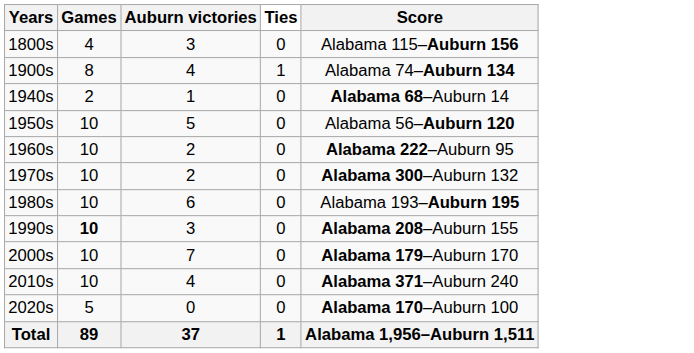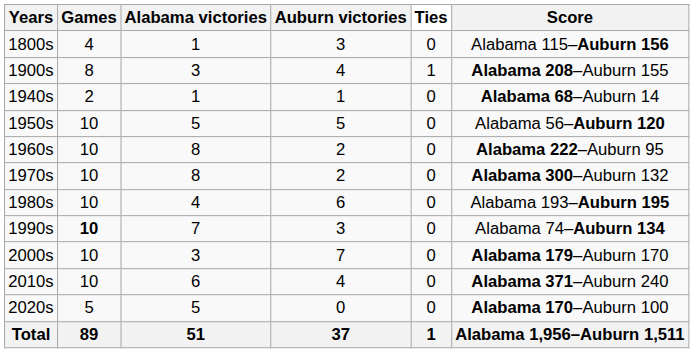 <table class="wikitable sortable" style="text-align:center">
 <tr>
 <th>Years</th>
 <th>Games</th>
+<th>Alabama victories</th>
 <th>Auburn victories</th>
 <th style="text-align:center; background:white; color:black;">Ties</th>
 <th>Score</th>
 </tr>
 <tr>
 <td>1800s</td>
 <td>4</td>
+<td>1</td>
 <td>3</td>
 <td>0</td>
 <td>Alabama 115–<strong>Auburn 156</strong></td>
 </tr>
 <tr>
 <td>1900s</td>
 <td>8</td>
+<td>3</td>
 <td>4</td>
 <td>1</td>
-<td>Alabama 74–<strong>Auburn 134</strong></td>
+<td><strong>Alabama 208</strong>–Auburn 155</td>
 </tr>
 <tr>
 <td>1940s</td>
 <td>2</td>
+<td>1</td>
 <td>1</td>
 <td>0</td>
 <td><strong>Alabama 68</strong>–Auburn 14</td>
 </tr>
 <tr>
 <td>1950s</td>
 <td>10</td>
 <td>5</td>
+<td>5</td>
 <td>0</td>
 <td>Alabama 56–<strong>Auburn 120</strong></td>
 </tr>
 <tr>
 <td>1960s</td>
 <td>10</td>
+<td>8</td>
 <td>2</td>
 <td>0</td>
 <td><strong>Alabama 222</strong>–Auburn 95</td>
 </tr>
 <tr>
 <td>1970s</td>
 <td>10</td>
+<td>8</td>
 <td>2</td>
 <td>0</td>
 <td><strong>Alabama 300</strong>–Auburn 132</td>
 </tr>
 <tr>
 <td>1980s</td>
 <td>10</td>
+<td>4</td>
 <td>6</td>
 <td>0</td>
 <td>Alabama 193–<strong>Auburn 195</strong></td>
 </tr>
 <tr>
 <td>1990s</td>
 <td><strong>10</strong></td>
+<td>7</td>
 <td>3</td>
 <td>0</td>
-<td><strong>Alabama 208</strong>–Auburn 155</td>
+<td>Alabama 74–<strong>Auburn 134</strong></td>
 </tr>
 <tr>
 <td>2000s</td>
 <td>10</td>
+<td>3</td>
 <td>7</td>
 <td>0</td>
 <td><strong>Alabama 179</strong>–Auburn 170</td>
 </tr>
 <tr>
 <td>2010s</td>
 <td>10</td>
+<td>6</td>
 <td>4</td>
 <td>0</td>
 <td><strong>Alabama 371</strong>–Auburn 240</td>
 </tr>
 <tr>
 <td>2020s</td>
+<td>5</td>
 <td>5</td>
 <td>0</td>
 <td>0</td>
 <td><strong>Alabama 170</strong>–Auburn 100</td>
 </tr>
 <tr>
 <th>Total</th>
 <th>89</th>
+<th>51</th>
 <th>37</th>
 <th>1</th>
 <th><strong>Alabama 1,956</strong>–Auburn 1,511</th>
 </tr>
 </table>
